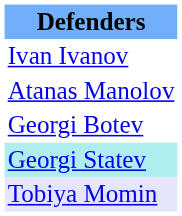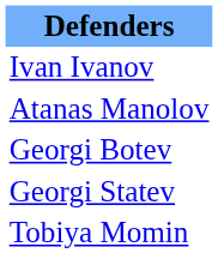 <table class="toccolours" border="0" cellpadding="2" cellspacing="0" align="left" style="margin:0.5em;">
 <tr>
 <th colspan="4" align="center" bgcolor="#71AFFA"><span>Defenders</span></th>
 </tr>
 <tr>
 <td> <a href='#'>Ivan Ivanov</a></td>
 </tr>
 <tr>
 <td> <a href='#'>Atanas Manolov</a></td>
 </tr>
 <tr>
 <td> <a href='#'>Georgi Botev</a></td>
 </tr>
 <tr>
-<td style="background: paleturquoise;"> <a href='#'>Georgi Statev</a></td>
+<td> <a href='#'>Georgi Statev</a></td>
 </tr>
 <tr>
-<td style="background: lavender;"> <a href='#'>Tobiya Momin</a></td>
+<td> <a href='#'>Tobiya Momin</a></td>
 </tr>
 <tr>
 </tr>
 </table>
